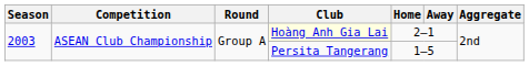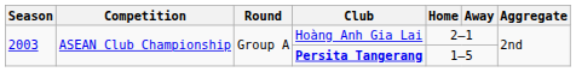 <table class="wikitable">
 <tr>
 <th>Season</th>
 <th>Competition</th>
 <th>Round</th>
 <th>Club</th>
 <th>Home</th>
 <th>Away</th>
 <th>Aggregate</th>
 </tr>
 <tr>
 <td rowspan="2"><a href='#'>2003</a></td>
 <td rowspan="2"><a href='#'>ASEAN Club Championship</a></td>
 <td rowspan="2">Group A</td>
-<td style="background: lightyellow;"> <a href='#'>Hoàng Anh Gia Lai</a></td>
+<td> <a href='#'>Hoàng Anh Gia Lai</a></td>
 <td colspan=2; style="text-align:center;">2–1</td>
 <td rowspan="2">2nd</td>
 </tr>
 <tr>
-<td> <a href='#'>Persita Tangerang</a></td>
+<td><strong> <a href='#'>Persita Tangerang</a></strong></td>
 <td colspan=2; style="text-align:center;">1–5</td>
 </tr>
 </table>
